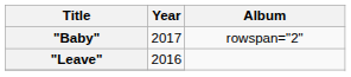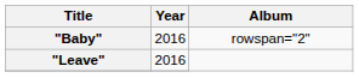 <table class="wikitable plainrowheaders" style="text-align:center;">
 <tr>
 <th scope="col" style="width:160px;">Title</th>
 <th scope="col">Year</th>
 <th scope="col" style="width:180px;">Album</th>
 </tr>
 <tr>
 <th scope="row">"Baby"<br></th>
-<td>2017</td>
+<td>2016</td>
 <td>rowspan="2" </td>
 </tr>
 <tr>
 <th scope="row">"Leave"<br></th>
 <td>2016</td>
 </tr>
 <tr>
 </tr>
 </table>
